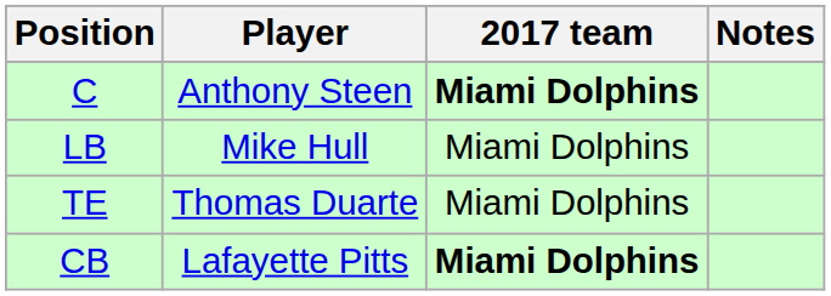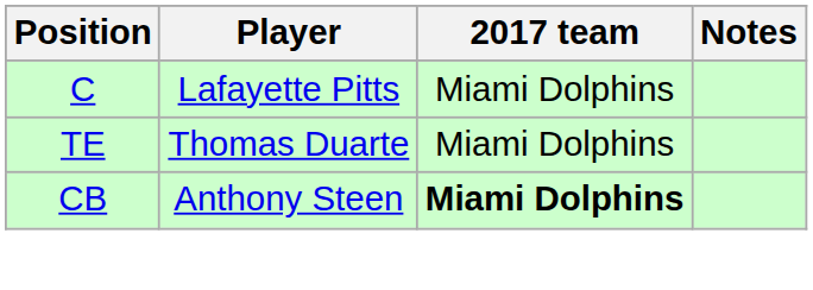 <table class="wikitable" style="text-align:center">
 <tr>
 <th>Position</th>
 <th>Player</th>
 <th>2017 team</th>
 <th>Notes</th>
 </tr>
 <tr style="background:#cfc">
 <td><a href='#'>C</a></td>
-<td><a href='#'>Anthony Steen</a></td>
-<td><strong>Miami Dolphins</strong></td>
-<td></td>
-</tr>
-<tr style="background:#cfc">
-<td><a href='#'>LB</a></td>
-<td><a href='#'>Mike Hull</a></td>
+<td><a href='#'>Lafayette Pitts</a></td>
 <td>Miami Dolphins</td>
 <td></td>
 </tr>
 <tr style="background:#cfc">
 <td><a href='#'>TE</a></td>
 <td><a href='#'>Thomas Duarte</a></td>
 <td>Miami Dolphins</td>
 <td></td>
 </tr>
 <tr style="background:#cfc">
 <td><a href='#'>CB</a></td>
-<td><a href='#'>Lafayette Pitts</a></td>
+<td><a href='#'>Anthony Steen</a></td>
 <td><strong>Miami Dolphins</strong></td>
 <td></td>
 </tr>
 </table>
